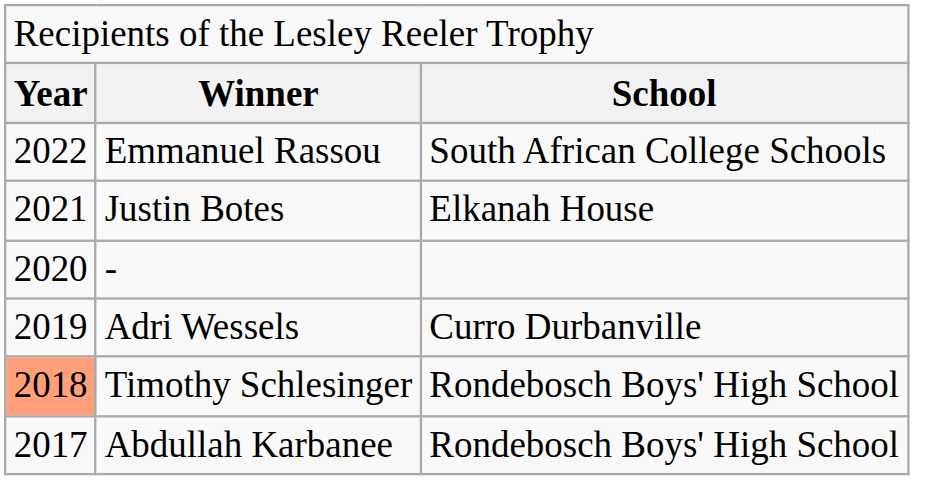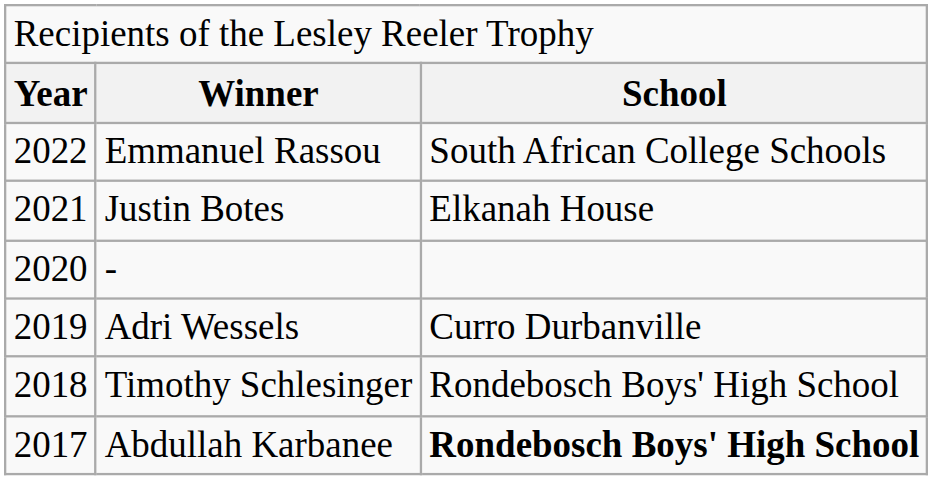 <table class="wikitable sortable">
 <tr>
 <td colspan="4">Recipients of the Lesley Reeler Trophy</td>
 </tr>
 <tr>
 <th>Year</th>
 <th>Winner</th>
 <th>School</th>
 </tr>
 <tr>
 <td>2022</td>
 <td>Emmanuel Rassou</td>
 <td>South African College Schools</td>
 </tr>
 <tr>
 <td>2021</td>
 <td>Justin Botes</td>
 <td>Elkanah House</td>
 </tr>
 <tr>
 <td>2020</td>
 <td>-</td>
 </tr>
 <tr>
 <td>2019</td>
 <td>Adri Wessels</td>
 <td>Curro Durbanville</td>
 </tr>
 <tr>
-<td style="background: lightsalmon;">2018</td>
+<td>2018</td>
 <td>Timothy Schlesinger</td>
 <td>Rondebosch Boys' High School</td>
 </tr>
 <tr>
 <td>2017</td>
 <td>Abdullah Karbanee</td>
-<td>Rondebosch Boys' High School</td>
+<td><strong>Rondebosch Boys' High School</strong></td>
 </tr>
 </table>
